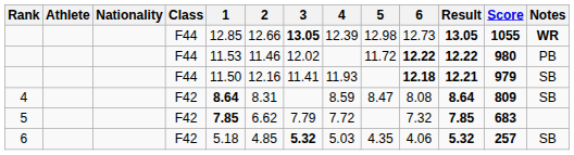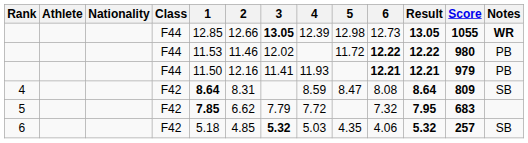 <table class="wikitable sortable" style="text-align:center">
 <tr>
 <th>Rank</th>
 <th>Athlete</th>
 <th>Nationality</th>
 <th>Class</th>
 <th width="25">1</th>
 <th width="25">2</th>
 <th width="25">3</th>
 <th width="25">4</th>
 <th width="25">5</th>
 <th width="25">6</th>
 <th>Result</th>
 <th><a href='#'>Score</a></th>
 <th>Notes</th>
 </tr>
 <tr>
 <td></td>
 <td align=left></td>
 <td align="left"></td>
 <td>F44</td>
 <td>12.85</td>
 <td>12.66</td>
 <td><strong>13.05</strong></td>
 <td>12.39</td>
 <td>12.98</td>
 <td>12.73</td>
 <td><strong>13.05</strong></td>
 <td><strong>1055</strong></td>
 <td><strong>WR</strong></td>
 </tr>
 <tr>
 <td></td>
 <td align=left></td>
 <td align="left"></td>
 <td>F44</td>
 <td>11.53</td>
 <td>11.46</td>
 <td>12.02</td>
 <td></td>
 <td>11.72</td>
 <td><strong>12.22</strong></td>
 <td><strong>12.22</strong></td>
 <td><strong>980</strong></td>
 <td>PB</td>
 </tr>
 <tr>
 <td></td>
 <td align=left></td>
 <td align="left"></td>
 <td>F44</td>
 <td>11.50</td>
 <td>12.16</td>
 <td>11.41</td>
 <td>11.93</td>
 <td></td>
-<td><strong>12.18</strong></td>
+<td><strong>12.21</strong></td>
 <td><strong>12.21</strong></td>
 <td><strong>979</strong></td>
-<td>SB</td>
+<td>PB</td>
 </tr>
 <tr>
 <td>4</td>
 <td align=left></td>
 <td align="left"></td>
 <td>F42</td>
 <td><strong>8.64</strong></td>
 <td>8.31</td>
 <td></td>
 <td>8.59</td>
 <td>8.47</td>
 <td>8.08</td>
 <td><strong>8.64</strong></td>
 <td><strong>809</strong></td>
 <td>SB</td>
 </tr>
 <tr>
 <td>5</td>
 <td align=left></td>
 <td align="left"></td>
 <td>F42</td>
 <td><strong>7.85</strong></td>
 <td>6.62</td>
 <td>7.79</td>
 <td>7.72</td>
 <td></td>
 <td>7.32</td>
-<td><strong>7.85</strong></td>
+<td><strong>7.95</strong></td>
 <td><strong>683</strong></td>
 <td></td>
 </tr>
 <tr>
 <td>6</td>
 <td align=left></td>
 <td align="left"></td>
 <td>F42</td>
 <td>5.18</td>
 <td>4.85</td>
 <td><strong>5.32</strong></td>
 <td>5.03</td>
 <td>4.35</td>
 <td>4.06</td>
 <td><strong>5.32</strong></td>
 <td><strong>257</strong></td>
 <td>SB</td>
 </tr>
 </table>
